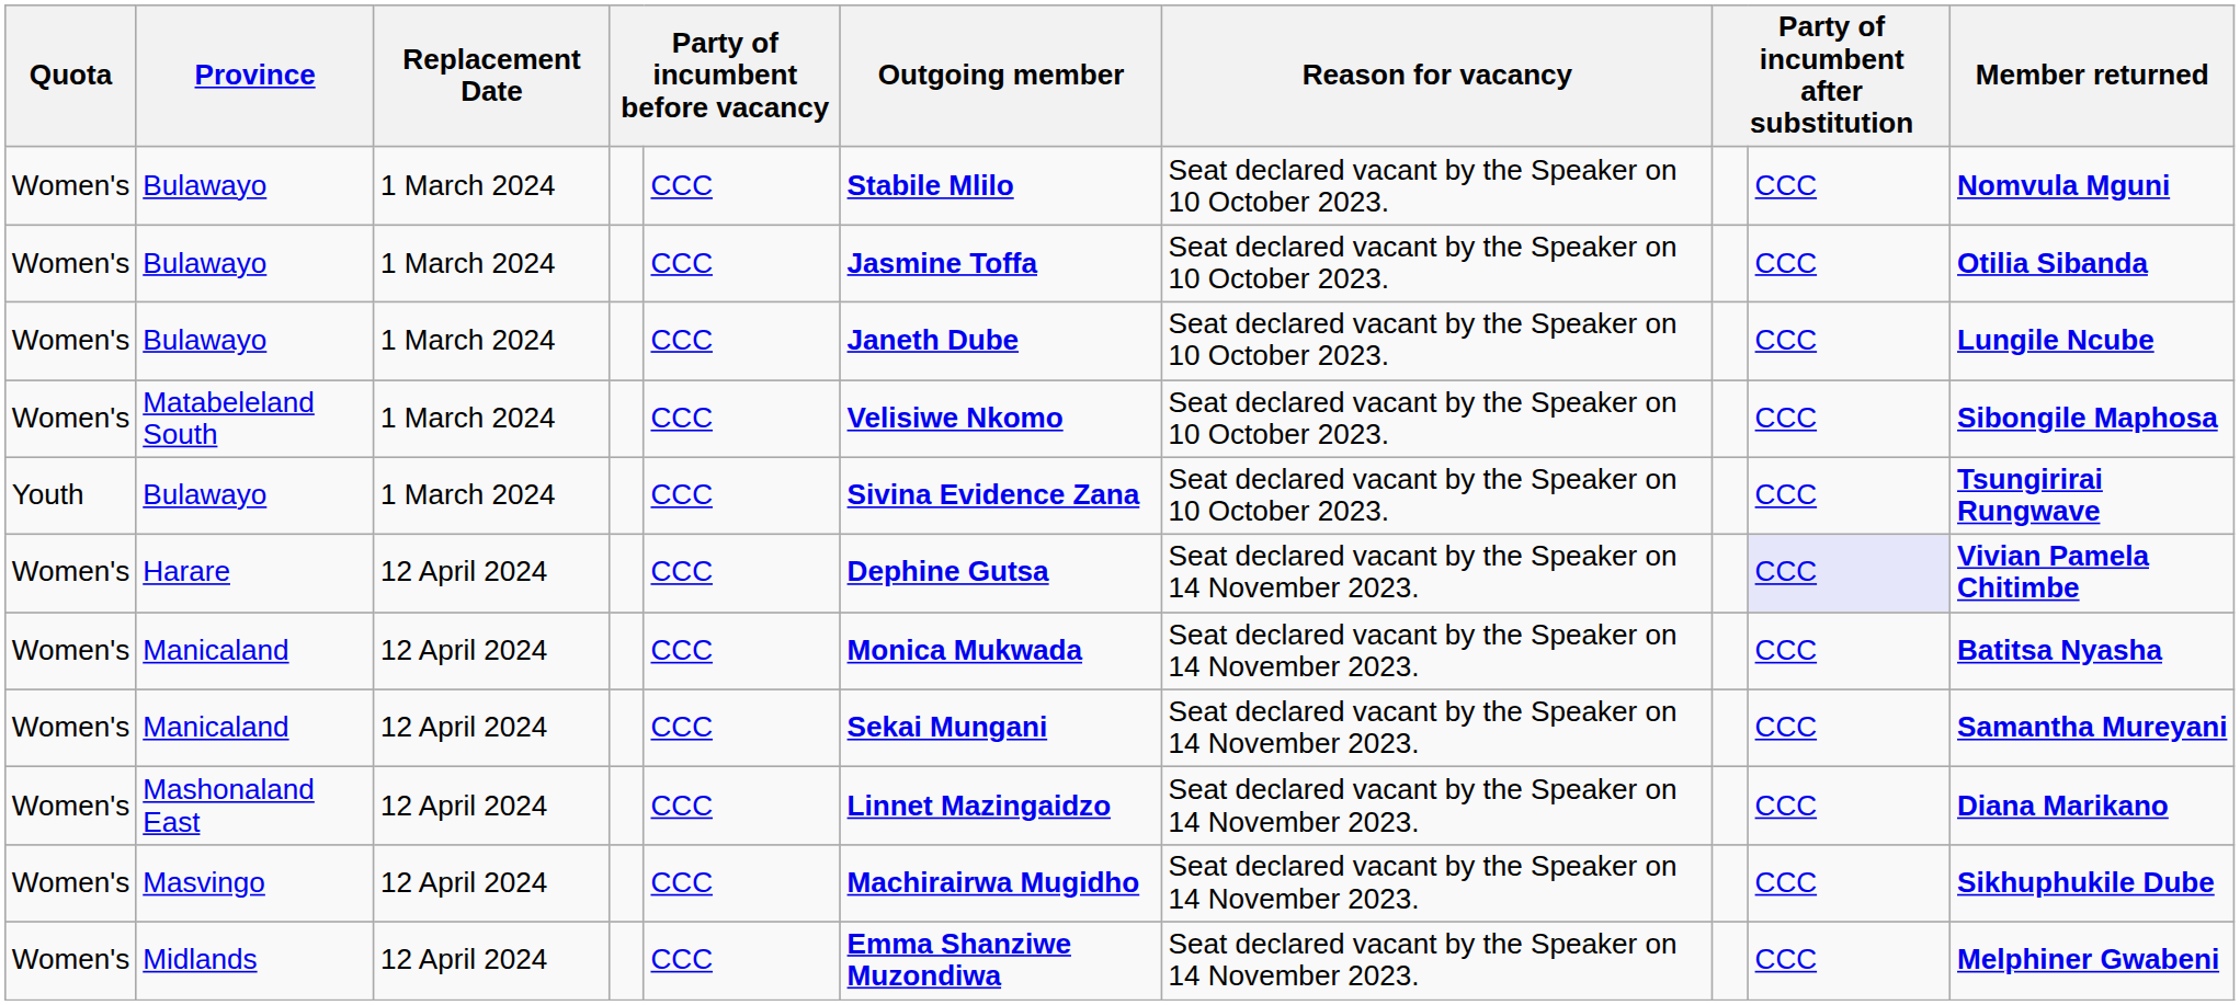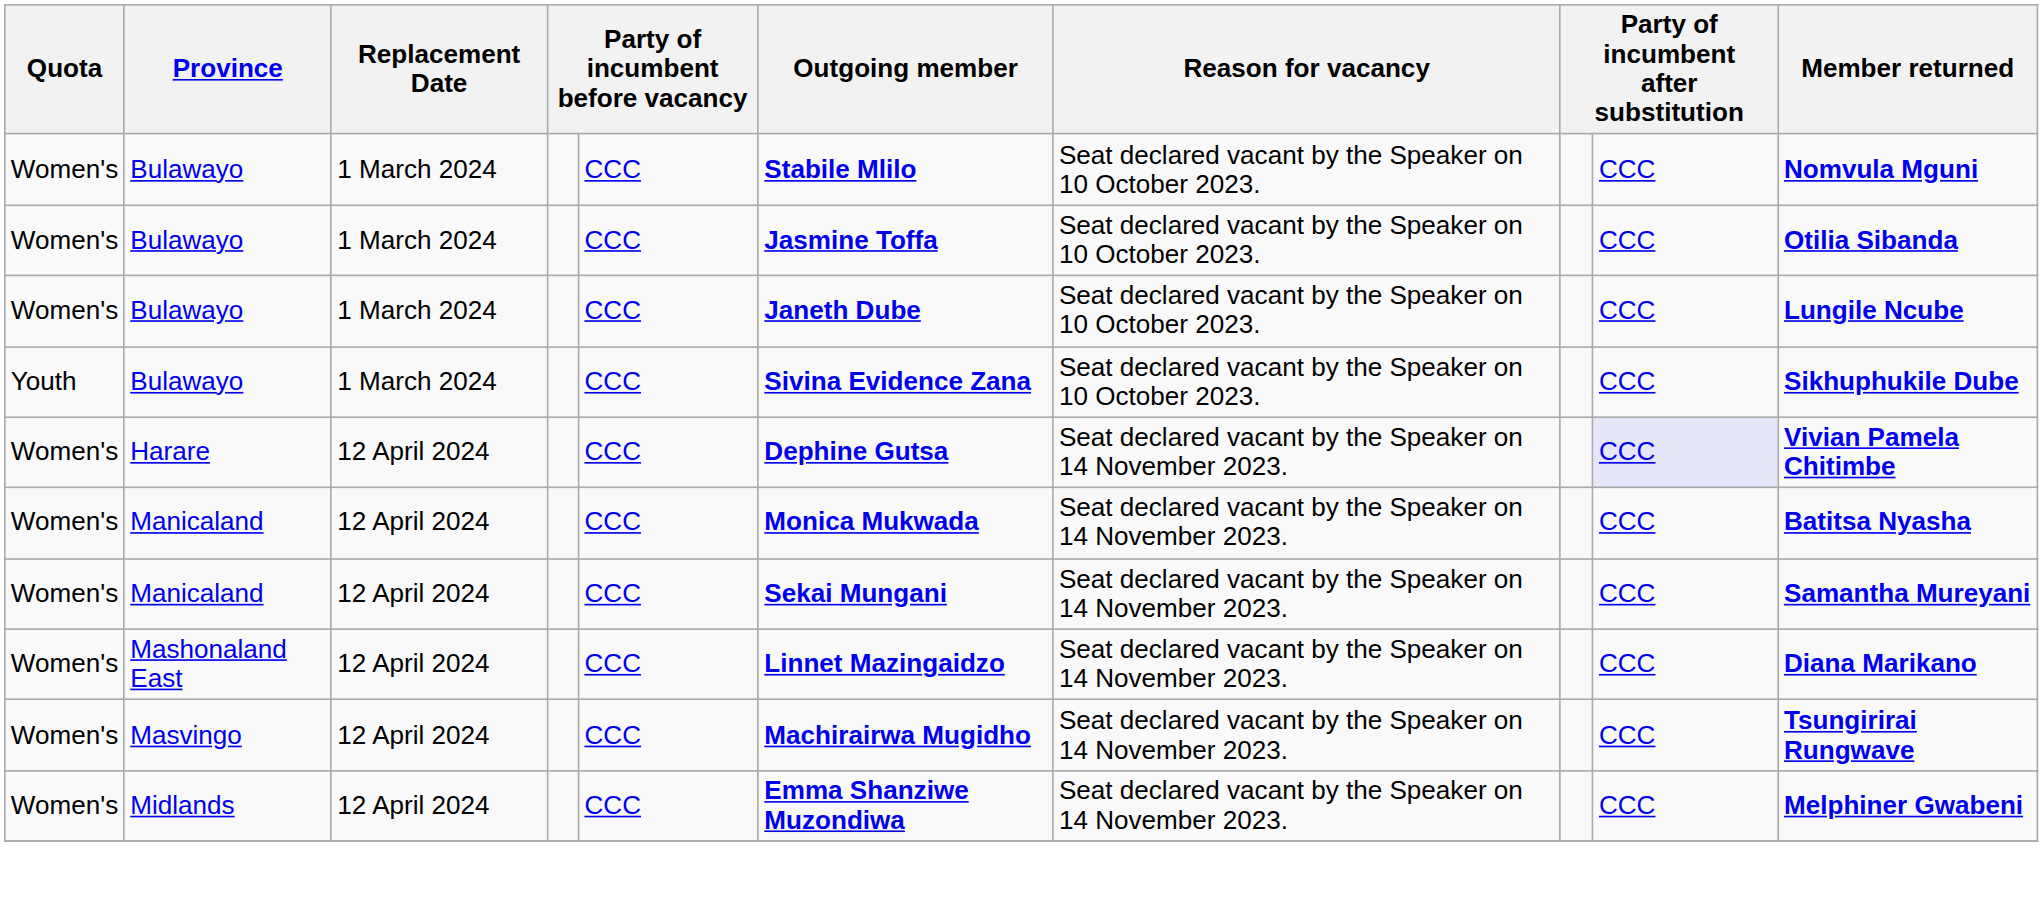 <table class="wikitable sortable" id="quota recalls">
 <tr>
 <th>Quota</th>
 <th><a href='#'>Province</a></th>
 <th>Replacement Date</th>
 <th colspan="2">Party of incumbent<br>before vacancy</th>
 <th>Outgoing member</th>
 <th>Reason for vacancy</th>
 <th colspan="2">Party of incumbent<br>after substitution</th>
 <th><strong>Member returned</strong></th>
 </tr>
 <tr>
 <td>Women's</td>
 <td><a href='#'>Bulawayo</a></td>
 <td>1 March 2024</td>
 <td style="background-color: "></td>
 <td><a href='#'>CCC</a></td>
 <td data-sort-value="Mlilo Stabile"><strong><a href='#'>Stabile Mlilo</a></strong></td>
 <td>Seat declared vacant by the Speaker on 10 October 2023.</td>
 <td style="background-color: "></td>
 <td><a href='#'>CCC</a></td>
 <td data-sort-value="Mguni Nomvula"><strong><a href='#'>Nomvula Mguni</a></strong></td>
 </tr>
 <tr>
 <td>Women's</td>
 <td><a href='#'>Bulawayo</a></td>
 <td>1 March 2024</td>
 <td style="background-color: "></td>
 <td><a href='#'>CCC</a></td>
 <td data-sort-value="Toffa Jasmine"><strong><a href='#'>Jasmine Toffa</a></strong></td>
 <td>Seat declared vacant by the Speaker on 10 October 2023.</td>
 <td style="background-color: "></td>
 <td><a href='#'>CCC</a></td>
 <td data-sort-value="Sibanda Otilia"><strong><a href='#'>Otilia Sibanda</a></strong></td>
 </tr>
 <tr>
 <td>Women's</td>
 <td><a href='#'>Bulawayo</a></td>
 <td>1 March 2024</td>
 <td style="background-color: "></td>
 <td><a href='#'>CCC</a></td>
 <td data-sort-value="Dube Janeth"><strong><a href='#'>Janeth Dube</a></strong></td>
 <td>Seat declared vacant by the Speaker on 10 October 2023.</td>
 <td style="background-color: "></td>
 <td><a href='#'>CCC</a></td>
 <td data-sort-value="Ncube Lungile"><strong><a href='#'>Lungile Ncube</a></strong></td>
 </tr>
 <tr>
-<td>Women's</td>
-<td><a href='#'>Matabeleland South</a></td>
-<td>1 March 2024</td>
-<td style="background-color: "></td>
-<td><a href='#'>CCC</a></td>
-<td data-sort-value="Nkomo Velisiwe"><strong><a href='#'>Velisiwe Nkomo</a></strong></td>
-<td>Seat declared vacant by the Speaker on 10 October 2023.</td>
-<td style="background-color: "></td>
-<td><a href='#'>CCC</a></td>
-<td data-sort-value="Maphosa Sibongile"><strong><a href='#'>Sibongile Maphosa</a></strong></td>
-</tr>
-<tr>
 <td>Youth</td>
 <td><a href='#'>Bulawayo</a></td>
 <td>1 March 2024</td>
 <td style="background-color: "></td>
 <td><a href='#'>CCC</a></td>
 <td data-sort-value="Zana Sivina Evidence"><strong><a href='#'>Sivina Evidence Zana</a></strong></td>
 <td>Seat declared vacant by the Speaker on 10 October 2023.</td>
 <td style="background-color: "></td>
 <td><a href='#'>CCC</a></td>
-<td data-sort-value="Rungwave Tsungirirai"><strong><a href='#'>Tsungirirai Rungwave</a></strong></td>
+<td data-sort-value="Dube Sikhuphukile"><strong><a href='#'>Sikhuphukile Dube</a></strong></td>
 </tr>
 <tr>
 <td>Women's</td>
 <td><a href='#'>Harare</a></td>
 <td>12 April 2024</td>
 <td style="background-color: "></td>
 <td><a href='#'>CCC</a></td>
 <td data-sort-value="Gutsa Dephine"><strong><a href='#'>Dephine Gutsa</a></strong></td>
 <td>Seat declared vacant by the Speaker on 14 November 2023.</td>
 <td style="background-color: "></td>
 <td style="background: lavender;"><a href='#'>CCC</a></td>
 <td data-sort-value="Chitimbe Vivian Pamela"><strong><a href='#'>Vivian Pamela Chitimbe</a></strong></td>
 </tr>
 <tr>
 <td>Women's</td>
 <td><a href='#'>Manicaland</a></td>
 <td>12 April 2024</td>
 <td style="background-color: "></td>
 <td><a href='#'>CCC</a></td>
 <td data-sort-value="Mukwada Monica"><strong><a href='#'>Monica Mukwada</a></strong></td>
 <td>Seat declared vacant by the Speaker on 14 November 2023.</td>
 <td style="background-color: "></td>
 <td><a href='#'>CCC</a></td>
 <td data-sort-value="Nyasha Batitsa"><strong><a href='#'>Batitsa Nyasha</a></strong></td>
 </tr>
 <tr>
 <td>Women's</td>
 <td><a href='#'>Manicaland</a></td>
 <td>12 April 2024</td>
 <td style="background-color: "></td>
 <td><a href='#'>CCC</a></td>
 <td data-sort-value="Mungani Sekai"><strong><a href='#'>Sekai Mungani</a></strong></td>
 <td>Seat declared vacant by the Speaker on 14 November 2023. </td>
 <td style="background-color: "></td>
 <td><a href='#'>CCC</a></td>
 <td data-sort-value="Mureyani Samantha"><strong><a href='#'>Samantha Mureyani</a></strong></td>
 </tr>
 <tr>
 <td>Women's</td>
 <td><a href='#'>Mashonaland East</a></td>
 <td>12 April 2024</td>
 <td style="background-color: "></td>
 <td><a href='#'>CCC</a></td>
 <td data-sort-value="Mazingaidzo Linnet"><strong><a href='#'>Linnet Mazingaidzo</a></strong></td>
 <td>Seat declared vacant by the Speaker on 14 November 2023.</td>
 <td style="background-color: "></td>
 <td><a href='#'>CCC</a></td>
 <td data-sort-value="Marikano Diana"><strong><a href='#'>Diana Marikano</a></strong></td>
 </tr>
 <tr>
 <td>Women's</td>
 <td><a href='#'>Masvingo</a></td>
 <td>12 April 2024</td>
 <td style="background-color: "></td>
 <td><a href='#'>CCC</a></td>
 <td data-sort-value="Mugidho Machirairwa"><strong><a href='#'>Machirairwa Mugidho</a></strong></td>
 <td>Seat declared vacant by the Speaker on 14 November 2023.</td>
 <td style="background-color: "></td>
 <td><a href='#'>CCC</a></td>
-<td data-sort-value="Dube Sikhuphukile"><strong><a href='#'>Sikhuphukile Dube</a></strong></td>
+<td data-sort-value="Rungwave Tsungirirai"><strong><a href='#'>Tsungirirai Rungwave</a></strong></td>
 </tr>
 <tr>
 <td>Women's</td>
 <td><a href='#'>Midlands</a></td>
 <td>12 April 2024</td>
 <td style="background-color: "></td>
 <td><a href='#'>CCC</a></td>
 <td data-sort-value="Muzondiwa Emma Shanziwe"><strong><a href='#'>Emma Shanziwe Muzondiwa</a></strong></td>
 <td>Seat declared vacant by the Speaker on 14 November 2023.</td>
 <td style="background-color: "></td>
 <td><a href='#'>CCC</a></td>
 <td data-sort-value="Gwabeni Melphiner"><strong><a href='#'>Melphiner Gwabeni</a></strong></td>
 </tr>
 <tr>
 </tr>
 </table>
